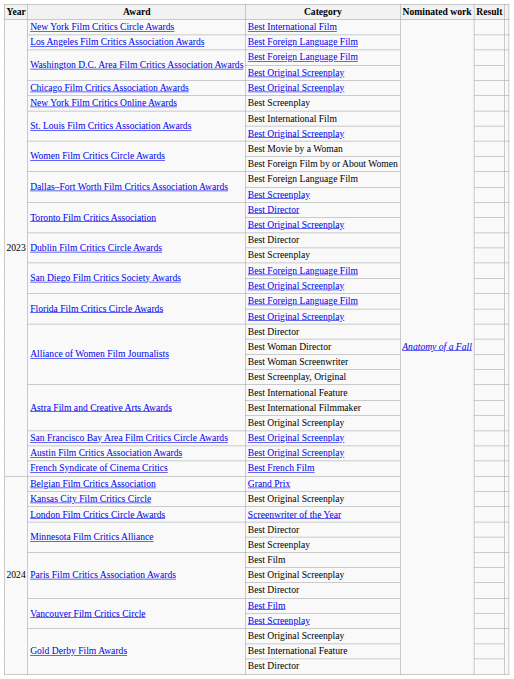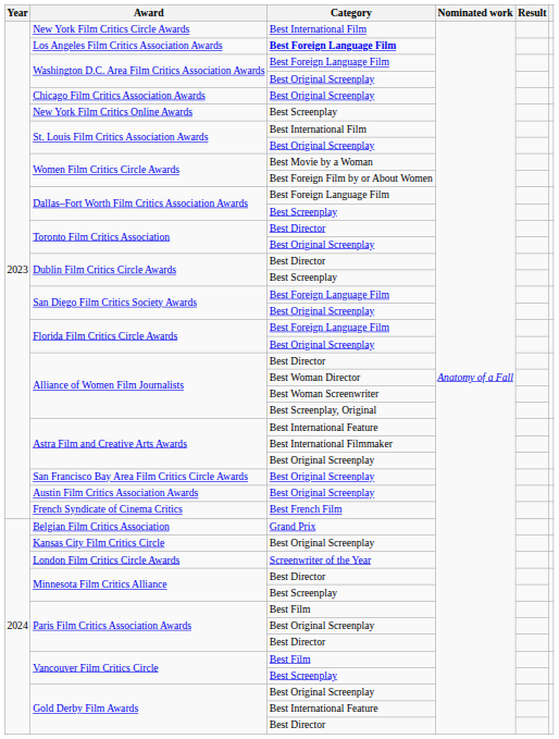 <table class="wikitable sortable">
 <tr>
 <th>Year</th>
 <th>Award</th>
 <th>Category</th>
 <th>Nominated work</th>
 <th>Result</th>
 <th class="unsortable"></th>
 </tr>
 <tr>
 <td rowspan="30">2023</td>
 <td><a href='#'>New York Film Critics Circle Awards</a></td>
 <td><a href='#'>Best International Film</a></td>
 <td rowspan="53"><em><a href='#'>Anatomy of a Fall</a></em></td>
 <td></td>
 <td></td>
 </tr>
 <tr>
 <td><a href='#'>Los Angeles Film Critics Association Awards</a></td>
-<td><a href='#'>Best Foreign Language Film</a></td>
+<td><strong><a href='#'>Best Foreign Language Film</a></strong></td>
 <td></td>
 <td></td>
 </tr>
 <tr>
 <td rowspan="2"><a href='#'>Washington D.C. Area Film Critics Association Awards</a></td>
 <td><a href='#'>Best Foreign Language Film</a></td>
 <td></td>
 <td rowspan="2"></td>
 </tr>
 <tr>
 <td><a href='#'>Best Original Screenplay</a></td>
 <td></td>
 </tr>
 <tr>
 <td><a href='#'>Chicago Film Critics Association Awards</a></td>
 <td><a href='#'>Best Original Screenplay</a></td>
 <td></td>
 <td></td>
 </tr>
 <tr>
 <td><a href='#'>New York Film Critics Online Awards</a></td>
 <td>Best Screenplay</td>
 <td></td>
 <td></td>
 </tr>
 <tr>
 <td rowspan="2"><a href='#'>St. Louis Film Critics Association Awards</a></td>
 <td>Best International Film</td>
 <td></td>
 <td rowspan="2"></td>
 </tr>
 <tr>
 <td><a href='#'>Best Original Screenplay</a></td>
 <td></td>
 </tr>
 <tr>
 <td rowspan="2"><a href='#'>Women Film Critics Circle Awards</a></td>
 <td>Best Movie by a Woman</td>
 <td></td>
 <td rowspan="2"></td>
 </tr>
 <tr>
 <td>Best Foreign Film by or About Women</td>
 <td></td>
 </tr>
 <tr>
 <td rowspan="2"><a href='#'>Dallas–Fort Worth Film Critics Association Awards</a></td>
 <td>Best Foreign Language Film</td>
 <td></td>
 <td rowspan="2"></td>
 </tr>
 <tr>
 <td><a href='#'>Best Screenplay</a></td>
 <td></td>
 </tr>
 <tr>
 <td rowspan="2"><a href='#'>Toronto Film Critics Association</a></td>
 <td><a href='#'>Best Director</a></td>
 <td></td>
 <td rowspan="2"></td>
 </tr>
 <tr>
 <td><a href='#'>Best Original Screenplay</a></td>
 <td></td>
 </tr>
 <tr>
 <td rowspan="2"><a href='#'>Dublin Film Critics Circle Awards</a></td>
 <td>Best Director</td>
 <td></td>
 <td rowspan="2"></td>
 </tr>
 <tr>
 <td>Best Screenplay</td>
 <td></td>
 </tr>
 <tr>
 <td rowspan="2"><a href='#'>San Diego Film Critics Society Awards</a></td>
 <td><a href='#'>Best Foreign Language Film</a></td>
 <td></td>
 <td rowspan="2"></td>
 </tr>
 <tr>
 <td><a href='#'>Best Original Screenplay</a></td>
 <td></td>
 </tr>
 <tr>
 <td rowspan="2"><a href='#'>Florida Film Critics Circle Awards</a></td>
 <td><a href='#'>Best Foreign Language Film</a></td>
 <td></td>
 <td rowspan="2"></td>
 </tr>
 <tr>
 <td><a href='#'>Best Original Screenplay</a></td>
 <td></td>
 </tr>
 <tr>
 <td rowspan="4"><a href='#'>Alliance of Women Film Journalists</a></td>
 <td>Best Director</td>
 <td></td>
 <td rowspan="4"></td>
 </tr>
 <tr>
 <td>Best Woman Director</td>
 <td></td>
 </tr>
 <tr>
 <td>Best Woman Screenwriter</td>
 <td></td>
 </tr>
 <tr>
 <td>Best Screenplay, Original</td>
 <td></td>
 </tr>
 <tr>
 <td rowspan="3"><a href='#'>Astra Film and Creative Arts Awards</a></td>
 <td>Best International Feature</td>
 <td></td>
 <td rowspan="3"></td>
 </tr>
 <tr>
 <td>Best International Filmmaker</td>
 <td></td>
 </tr>
 <tr>
 <td>Best Original Screenplay</td>
 <td></td>
 </tr>
 <tr>
 <td><a href='#'>San Francisco Bay Area Film Critics Circle Awards</a></td>
 <td><a href='#'>Best Original Screenplay</a></td>
 <td></td>
 <td></td>
 </tr>
 <tr>
 <td><a href='#'>Austin Film Critics Association Awards</a></td>
 <td><a href='#'>Best Original Screenplay</a></td>
 <td></td>
 <td></td>
 </tr>
 <tr>
 <td><a href='#'>French Syndicate of Cinema Critics</a></td>
 <td><a href='#'>Best French Film</a></td>
 <td></td>
 <td></td>
 </tr>
 <tr>
 <td rowspan="23">2024</td>
 <td><a href='#'>Belgian Film Critics Association</a></td>
 <td><a href='#'>Grand Prix</a></td>
 <td></td>
 <td></td>
 </tr>
 <tr>
 <td><a href='#'>Kansas City Film Critics Circle</a></td>
 <td>Best Original Screenplay</td>
 <td></td>
 <td></td>
 </tr>
 <tr>
 <td><a href='#'>London Film Critics Circle Awards</a></td>
 <td><a href='#'>Screenwriter of the Year</a></td>
 <td></td>
 <td></td>
 </tr>
 <tr>
 <td rowspan="2"><a href='#'>Minnesota Film Critics Alliance</a></td>
 <td>Best Director</td>
 <td></td>
 <td rowspan="2"></td>
 </tr>
 <tr>
 <td>Best Screenplay</td>
 <td></td>
 </tr>
 <tr>
 <td rowspan="3"><a href='#'>Paris Film Critics Association Awards</a></td>
 <td>Best Film</td>
 <td></td>
 <td rowspan="3"></td>
 </tr>
 <tr>
 <td>Best Original Screenplay</td>
 <td></td>
 </tr>
 <tr>
 <td>Best Director</td>
 <td></td>
 </tr>
 <tr>
 <td rowspan="2"><a href='#'>Vancouver Film Critics Circle</a></td>
 <td><a href='#'>Best Film</a></td>
 <td></td>
 <td rowspan="2"></td>
 </tr>
 <tr>
 <td><a href='#'>Best Screenplay</a></td>
 <td></td>
 </tr>
 <tr>
 <td rowspan="3"><a href='#'>Gold Derby Film Awards</a></td>
 <td>Best Original Screenplay</td>
 <td></td>
 <td rowspan="3"></td>
 </tr>
 <tr>
 <td>Best International Feature</td>
 <td></td>
 </tr>
 <tr>
 <td>Best Director</td>
 <td></td>
 </tr>
 </table>
